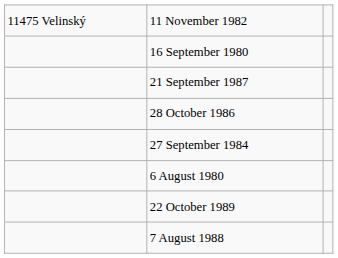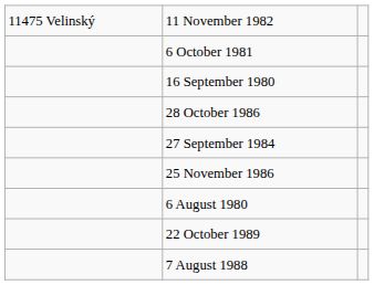 <table class="wikitable" style="font-size: 89%; float: left; width: 26em; margin-right: 1em; height: 280px;">
 <tr>
 <td>11475 Velinský</td>
 <td>11 November 1982</td>
 <td></td>
 </tr>
 <tr>
 <td></td>
-<td>16 September 1980</td>
+<td>6 October 1981</td>
 <td></td>
 </tr>
 <tr>
 <td></td>
-<td>21 September 1987</td>
+<td>16 September 1980</td>
 <td></td>
 </tr>
 <tr>
 <td></td>
 <td>28 October 1986</td>
 <td></td>
 </tr>
 <tr>
 <td></td>
 <td>27 September 1984</td>
+<td></td>
+</tr>
+<tr>
+<td></td>
+<td>25 November 1986</td>
 <td></td>
 </tr>
 <tr>
 <td></td>
 <td>6 August 1980</td>
 <td></td>
 </tr>
 <tr>
 <td></td>
 <td>22 October 1989</td>
 <td></td>
 </tr>
 <tr>
 <td></td>
 <td>7 August 1988</td>
 <td></td>
 </tr>
 </table>
